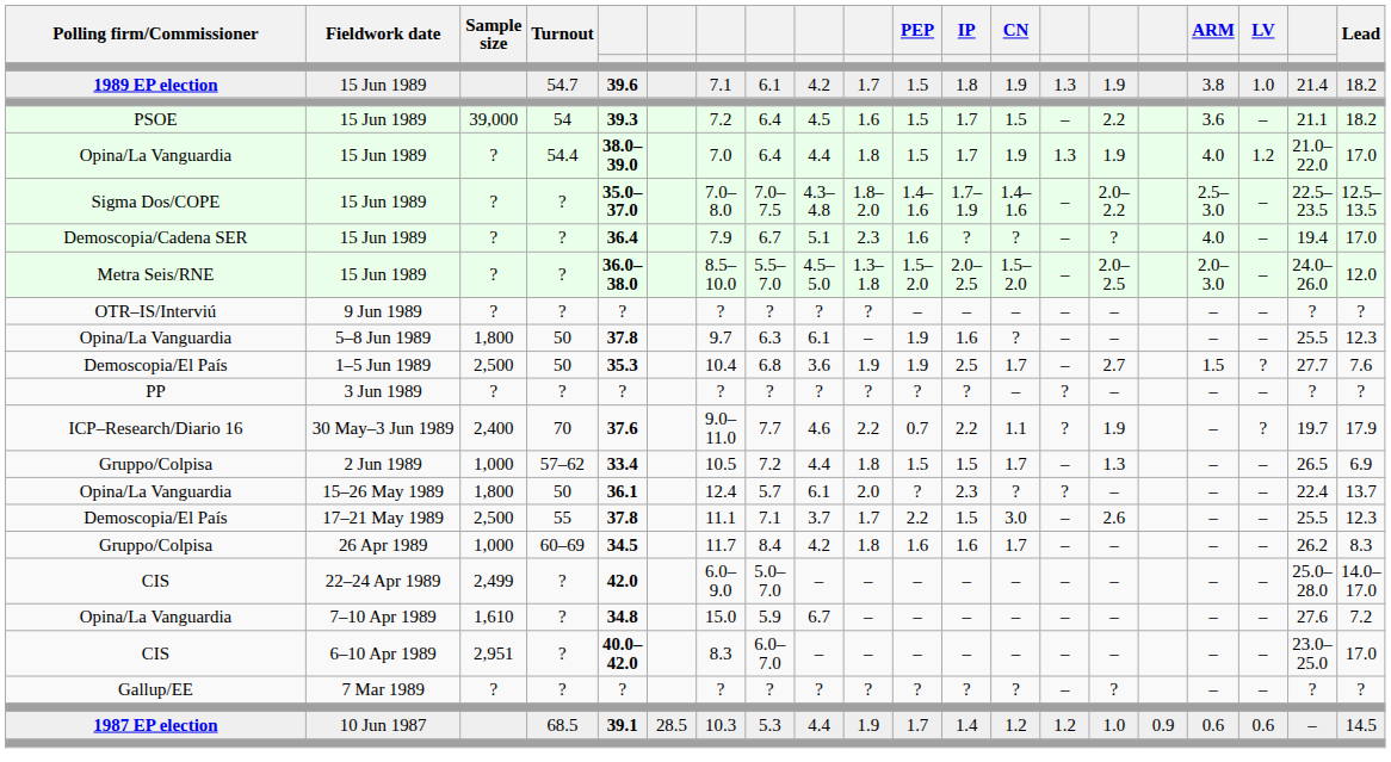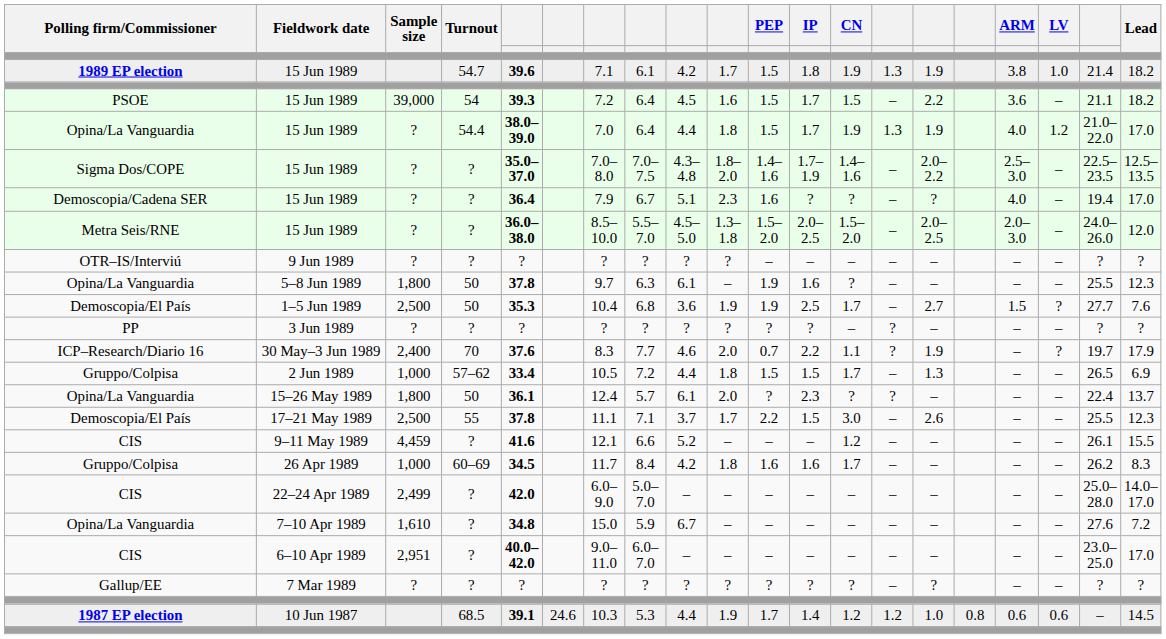 <table class="wikitable collapsible collapsed" style="text-align:center; font-size:95%; line-height:16px;">
 <tr style="height:42px;">
 <th style="width:250px;" rowspan="2">Polling firm/Commissioner</th>
 <th style="width:125px;" rowspan="2">Fieldwork date</th>
 <th style="width:50px;" rowspan="2">Sample size</th>
 <th style="width:45px;" rowspan="2">Turnout</th>
 <th style="width:35px;"></th>
 <th style="width:35px;"></th>
 <th style="width:35px;"></th>
 <th style="width:35px;"></th>
 <th style="width:35px;"></th>
 <th style="width:35px;"></th>
 <th style="width:35px;"><a href='#'>PEP</a></th>
 <th style="width:35px;"><a href='#'>IP</a></th>
 <th style="width:35px;"><a href='#'>CN</a></th>
 <th style="width:35px;"></th>
 <th style="width:35px;"></th>
 <th style="width:35px;"></th>
 <th style="width:35px;"><a href='#'>ARM</a></th>
 <th style="width:35px;"><a href='#'>LV</a></th>
 <th style="width:35px;"></th>
 <th style="width:30px;" rowspan="2">Lead</th>
 </tr>
 <tr>
 <th style="color:inherit;background:"></th>
 <th style="color:inherit;background:"></th>
 <th style="color:inherit;background:"></th>
 <th style="color:inherit;background:"></th>
 <th style="color:inherit;background:"></th>
 <th style="color:inherit;background:"></th>
 <th style="color:inherit;background:"></th>
 <th style="color:inherit;background:"></th>
 <th style="color:inherit;background:"></th>
 <th style="color:inherit;background:"></th>
 <th style="color:inherit;background:"></th>
 <th style="color:inherit;background:"></th>
 <th style="color:inherit;background:"></th>
 <th style="color:inherit;background:"></th>
 <th style="color:inherit;background:"></th>
 </tr>
 <tr>
 <td colspan="20" style="background:#A0A0A0"></td>
 </tr>
 <tr style="background:#EFEFEF;">
 <td><strong><a href='#'>1989 EP election</a></strong></td>
 <td>15 Jun 1989</td>
 <td></td>
 <td>54.7</td>
 <td><strong>39.6</strong><br></td>
 <td></td>
 <td>7.1<br></td>
 <td>6.1<br></td>
 <td>4.2<br></td>
 <td>1.7<br></td>
 <td>1.5<br></td>
 <td>1.8<br></td>
 <td>1.9<br></td>
 <td>1.3<br></td>
 <td>1.9<br></td>
 <td></td>
 <td>3.8<br></td>
 <td>1.0<br></td>
 <td>21.4<br></td>
 <td style="background:">18.2</td>
 </tr>
 <tr>
 <td colspan="20" style="background:#A0A0A0"></td>
 </tr>
 <tr style="background:#EAFFEA;">
 <td>PSOE</td>
 <td>15 Jun 1989</td>
 <td>39,000</td>
 <td>54</td>
 <td><strong>39.3</strong><br></td>
 <td></td>
 <td>7.2<br></td>
 <td>6.4<br></td>
 <td>4.5<br></td>
 <td>1.6<br></td>
 <td>1.5<br></td>
 <td>1.7<br></td>
 <td>1.5<br></td>
 <td>–</td>
 <td>2.2<br></td>
 <td></td>
 <td>3.6<br></td>
 <td>–</td>
 <td>21.1<br></td>
 <td style="background:">18.2</td>
 </tr>
 <tr style="background:#EAFFEA;">
 <td>Opina/La Vanguardia</td>
 <td>15 Jun 1989</td>
 <td>?</td>
 <td>54.4</td>
 <td><strong>38.0–<br>39.0</strong><br></td>
 <td></td>
 <td>7.0<br></td>
 <td>6.4<br></td>
 <td>4.4<br></td>
 <td>1.8<br></td>
 <td>1.5<br></td>
 <td>1.7<br></td>
 <td>1.9<br></td>
 <td>1.3<br></td>
 <td>1.9<br></td>
 <td></td>
 <td>4.0<br></td>
 <td>1.2<br></td>
 <td>21.0–<br>22.0<br></td>
 <td style="background:">17.0</td>
 </tr>
 <tr style="background:#EAFFEA;">
 <td>Sigma Dos/COPE</td>
 <td>15 Jun 1989</td>
 <td>?</td>
 <td>?</td>
 <td><strong>35.0–<br>37.0</strong><br></td>
 <td></td>
 <td>7.0–<br>8.0<br></td>
 <td>7.0–<br>7.5<br></td>
 <td>4.3–<br>4.8<br></td>
 <td>1.8–<br>2.0<br></td>
 <td>1.4–<br>1.6<br></td>
 <td>1.7–<br>1.9<br></td>
 <td>1.4–<br>1.6<br></td>
 <td>–</td>
 <td>2.0–<br>2.2<br></td>
 <td></td>
 <td>2.5–<br>3.0<br></td>
 <td>–</td>
 <td>22.5–<br>23.5<br></td>
 <td style="background:">12.5–<br>13.5</td>
 </tr>
 <tr style="background:#EAFFEA;">
 <td>Demoscopia/Cadena SER</td>
 <td>15 Jun 1989</td>
 <td>?</td>
 <td>?</td>
 <td><strong>36.4</strong><br></td>
 <td></td>
 <td>7.9<br></td>
 <td>6.7<br></td>
 <td>5.1<br></td>
 <td>2.3<br></td>
 <td>1.6<br></td>
 <td>?<br></td>
 <td>?<br></td>
 <td>–</td>
 <td>?<br></td>
 <td></td>
 <td>4.0<br></td>
 <td>–</td>
 <td>19.4<br></td>
 <td style="background:">17.0</td>
 </tr>
 <tr style="background:#EAFFEA;">
 <td>Metra Seis/RNE</td>
 <td>15 Jun 1989</td>
 <td>?</td>
 <td>?</td>
 <td><strong>36.0–<br>38.0</strong><br></td>
 <td></td>
 <td>8.5–<br>10.0<br></td>
 <td>5.5–<br>7.0<br></td>
 <td>4.5–<br>5.0<br></td>
 <td>1.3–<br>1.8<br></td>
 <td>1.5–<br>2.0<br></td>
 <td>2.0–<br>2.5<br></td>
 <td>1.5–<br>2.0<br></td>
 <td>–</td>
 <td>2.0–<br>2.5<br></td>
 <td></td>
 <td>2.0–<br>3.0<br></td>
 <td>–</td>
 <td>24.0–<br>26.0<br></td>
 <td style="background:">12.0</td>
 </tr>
 <tr>
 <td>OTR–IS/Interviú</td>
 <td>9 Jun 1989</td>
 <td>?</td>
 <td>?</td>
 <td>?<br></td>
 <td></td>
 <td>?<br></td>
 <td>?<br></td>
 <td>?<br></td>
 <td>?<br></td>
 <td>–</td>
 <td>–</td>
 <td>–</td>
 <td>–</td>
 <td>–</td>
 <td></td>
 <td>–</td>
 <td>–</td>
 <td>?<br></td>
 <td style="background:">?</td>
 </tr>
 <tr>
 <td>Opina/La Vanguardia</td>
 <td>5–8 Jun 1989</td>
 <td>1,800</td>
 <td>50</td>
 <td><strong>37.8</strong><br></td>
 <td></td>
 <td>9.7<br></td>
 <td>6.3<br></td>
 <td>6.1<br></td>
 <td>–</td>
 <td>1.9<br></td>
 <td>1.6<br></td>
 <td>?<br></td>
 <td>–</td>
 <td>–</td>
 <td></td>
 <td>–</td>
 <td>–</td>
 <td>25.5<br></td>
 <td style="background:">12.3</td>
 </tr>
 <tr>
 <td>Demoscopia/El País</td>
 <td>1–5 Jun 1989</td>
 <td>2,500</td>
 <td>50</td>
 <td><strong>35.3</strong><br></td>
 <td></td>
 <td>10.4<br></td>
 <td>6.8<br></td>
 <td>3.6<br></td>
 <td>1.9<br></td>
 <td>1.9<br></td>
 <td>2.5<br></td>
 <td>1.7<br></td>
 <td>–</td>
 <td>2.7<br></td>
 <td></td>
 <td>1.5<br></td>
 <td>?<br></td>
 <td>27.7<br></td>
 <td style="background:">7.6</td>
 </tr>
 <tr>
 <td>PP</td>
 <td>3 Jun 1989</td>
 <td>?</td>
 <td>?</td>
 <td>?<br></td>
 <td></td>
 <td>?<br></td>
 <td>?<br></td>
 <td>?<br></td>
 <td>?<br></td>
 <td>?<br></td>
 <td>?<br></td>
 <td>–</td>
 <td>?<br></td>
 <td>–</td>
 <td></td>
 <td>–</td>
 <td>–</td>
 <td>?<br></td>
 <td style="background:">?</td>
 </tr>
 <tr>
 <td>ICP–Research/Diario 16</td>
 <td>30 May–3 Jun 1989</td>
 <td>2,400</td>
 <td>70</td>
 <td><strong>37.6</strong><br></td>
 <td></td>
-<td>9.0–<br>11.0</td>
+<td>8.3<br></td>
 <td>7.7<br></td>
 <td>4.6<br></td>
-<td>2.2<br></td>
+<td>2.0<br></td>
 <td>0.7<br></td>
 <td>2.2<br></td>
 <td>1.1<br></td>
 <td>?<br></td>
 <td>1.9<br></td>
 <td></td>
 <td>–</td>
 <td>?<br></td>
 <td>19.7<br></td>
 <td style="background:">17.9</td>
 </tr>
 <tr>
 <td>Gruppo/Colpisa</td>
 <td>2 Jun 1989</td>
 <td>1,000</td>
 <td>57–62</td>
 <td><strong>33.4</strong><br></td>
 <td></td>
 <td>10.5<br></td>
 <td>7.2<br></td>
 <td>4.4<br></td>
 <td>1.8<br></td>
 <td>1.5<br></td>
 <td>1.5<br></td>
 <td>1.7<br></td>
 <td>–</td>
 <td>1.3<br></td>
 <td></td>
 <td>–</td>
 <td>–</td>
 <td>26.5<br></td>
 <td style="background:">6.9</td>
 </tr>
 <tr>
 <td>Opina/La Vanguardia</td>
 <td>15–26 May 1989</td>
 <td>1,800</td>
 <td>50</td>
 <td><strong>36.1</strong><br></td>
 <td></td>
 <td>12.4<br></td>
 <td>5.7<br></td>
 <td>6.1<br></td>
 <td>2.0<br></td>
 <td>?<br></td>
 <td>2.3<br></td>
 <td>?<br></td>
 <td>?<br></td>
 <td>–</td>
 <td></td>
 <td>–</td>
 <td>–</td>
 <td>22.4<br></td>
 <td style="background:">13.7</td>
 </tr>
 <tr>
 <td>Demoscopia/El País</td>
 <td>17–21 May 1989</td>
 <td>2,500</td>
 <td>55</td>
 <td><strong>37.8</strong><br></td>
 <td></td>
 <td>11.1<br></td>
 <td>7.1<br></td>
 <td>3.7<br></td>
 <td>1.7<br></td>
 <td>2.2<br></td>
 <td>1.5<br></td>
 <td>3.0<br></td>
 <td>–</td>
 <td>2.6<br></td>
 <td></td>
 <td>–</td>
 <td>–</td>
 <td>25.5<br></td>
 <td style="background:">12.3</td>
 </tr>
 <tr>
+<td>CIS</td>
+<td>9–11 May 1989</td>
+<td>4,459</td>
+<td>?</td>
+<td><strong>41.6</strong><br></td>
+<td></td>
+<td>12.1<br></td>
+<td>6.6<br></td>
+<td>5.2<br></td>
+<td>–</td>
+<td>–</td>
+<td>–</td>
+<td>1.2<br></td>
+<td>–</td>
+<td>–</td>
+<td></td>
+<td>–</td>
+<td>–</td>
+<td>26.1<br></td>
+<td style="background:">15.5</td>
+</tr>
+<tr>
 <td>Gruppo/Colpisa</td>
 <td>26 Apr 1989</td>
 <td>1,000</td>
 <td>60–69</td>
 <td><strong>34.5</strong><br></td>
 <td></td>
 <td>11.7<br></td>
 <td>8.4<br></td>
 <td>4.2<br></td>
 <td>1.8<br></td>
 <td>1.6<br></td>
 <td>1.6<br></td>
 <td>1.7<br></td>
 <td>–</td>
 <td>–</td>
 <td></td>
 <td>–</td>
 <td>–</td>
 <td>26.2<br></td>
 <td style="background:">8.3</td>
 </tr>
 <tr>
 <td>CIS</td>
 <td>22–24 Apr 1989</td>
 <td>2,499</td>
 <td>?</td>
 <td><strong>42.0</strong></td>
 <td></td>
 <td>6.0–<br>9.0</td>
 <td>5.0–<br>7.0</td>
 <td>–</td>
 <td>–</td>
 <td>–</td>
 <td>–</td>
 <td>–</td>
 <td>–</td>
 <td>–</td>
 <td></td>
 <td>–</td>
 <td>–</td>
 <td>25.0–<br>28.0</td>
 <td style="background:">14.0–<br>17.0</td>
 </tr>
 <tr>
 <td>Opina/La Vanguardia</td>
 <td>7–10 Apr 1989</td>
 <td>1,610</td>
 <td>?</td>
 <td><strong>34.8</strong></td>
 <td></td>
 <td>15.0</td>
 <td>5.9</td>
 <td>6.7</td>
 <td>–</td>
 <td>–</td>
 <td>–</td>
 <td>–</td>
 <td>–</td>
 <td>–</td>
 <td></td>
 <td>–</td>
 <td>–</td>
 <td>27.6</td>
 <td style="background:">7.2</td>
 </tr>
 <tr>
 <td>CIS</td>
 <td>6–10 Apr 1989</td>
 <td>2,951</td>
 <td>?</td>
 <td><strong>40.0–<br>42.0</strong></td>
 <td></td>
-<td>8.3<br></td>
+<td>9.0–<br>11.0</td>
 <td>6.0–<br>7.0</td>
 <td>–</td>
 <td>–</td>
 <td>–</td>
 <td>–</td>
 <td>–</td>
 <td>–</td>
 <td>–</td>
 <td></td>
 <td>–</td>
 <td>–</td>
 <td>23.0–<br>25.0</td>
 <td style="background:">17.0</td>
 </tr>
 <tr>
 <td>Gallup/EE</td>
 <td>7 Mar 1989</td>
 <td>?</td>
 <td>?</td>
 <td>?<br></td>
 <td></td>
 <td>?<br></td>
 <td>?<br></td>
 <td>?<br></td>
 <td>?<br></td>
 <td>?<br></td>
 <td>?<br></td>
 <td>?<br></td>
 <td>–</td>
 <td>?<br></td>
 <td></td>
 <td>–</td>
 <td>–</td>
 <td>?<br></td>
 <td style="background:">?</td>
 </tr>
 <tr>
 <td colspan="20" style="background:#A0A0A0"></td>
 </tr>
 <tr style="background:#EFEFEF;">
 <td><strong><a href='#'>1987 EP election</a></strong></td>
 <td>10 Jun 1987</td>
 <td></td>
 <td>68.5</td>
 <td><strong>39.1</strong><br></td>
-<td>28.5<br></td>
+<td>24.6<br></td>
 <td>10.3<br></td>
 <td>5.3<br></td>
 <td>4.4<br></td>
 <td>1.9<br></td>
 <td>1.7<br></td>
 <td>1.4<br></td>
 <td>1.2<br></td>
 <td>1.2<br></td>
 <td>1.0<br></td>
-<td>0.9<br></td>
+<td>0.8<br></td>
 <td>0.6<br></td>
 <td>0.6<br></td>
 <td>–</td>
 <td style="background:">14.5</td>
 </tr>
 <tr>
 <td colspan="20" style="background:#A0A0A0"></td>
 </tr>
 </table>
